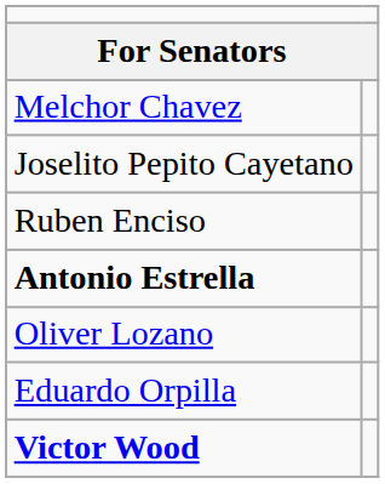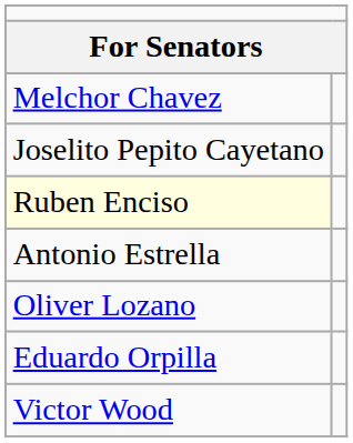 <table class=wikitable style="font-size:90%">
 <tr>
 <td colspan=4 bgcolor=></td>
 </tr>
 <tr>
 <th colspan=5>For Senators</th>
 </tr>
 <tr>
 <td><a href='#'>Melchor Chavez</a></td>
 <td></td>
 </tr>
 <tr>
 <td>Joselito Pepito Cayetano</td>
 <td></td>
 </tr>
 <tr>
-<td>Ruben Enciso</td>
+<td style="background: lightyellow;">Ruben Enciso</td>
 <td></td>
 </tr>
 <tr>
-<td><strong>Antonio Estrella</strong></td>
+<td>Antonio Estrella</td>
 <td></td>
 </tr>
 <tr>
 <td><a href='#'>Oliver Lozano</a></td>
 <td></td>
 </tr>
 <tr>
 <td><a href='#'>Eduardo Orpilla</a></td>
 <td></td>
 </tr>
 <tr>
-<td><strong><a href='#'>Victor Wood</a></strong></td>
+<td><a href='#'>Victor Wood</a></td>
 <td></td>
 </tr>
 </table>
